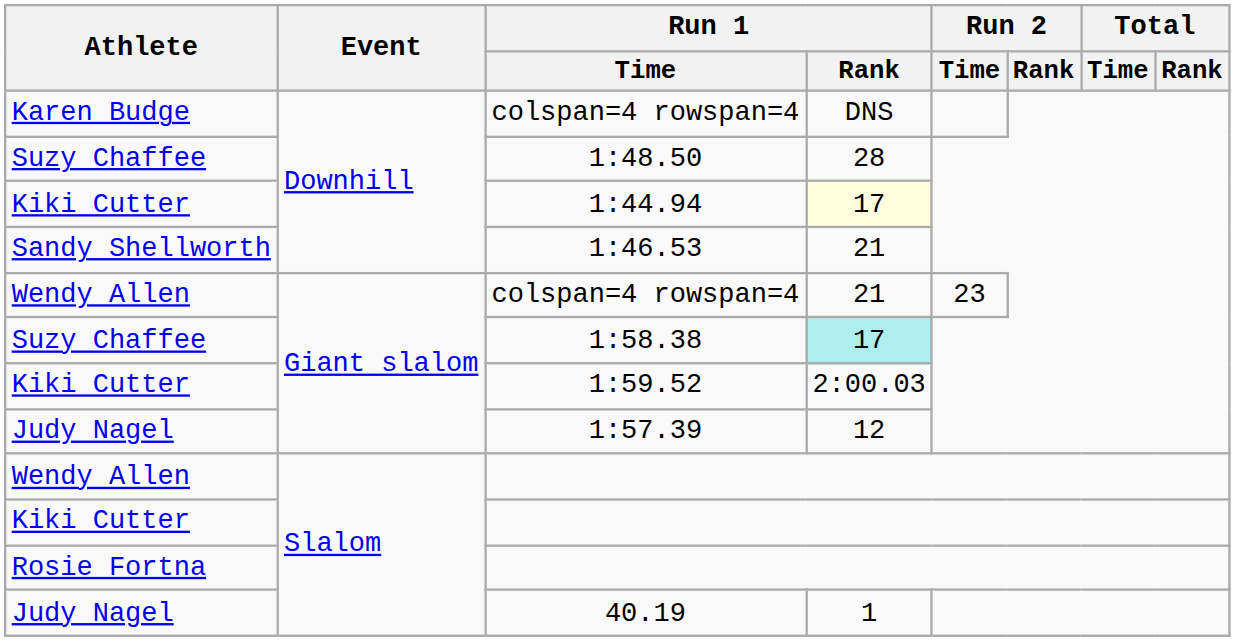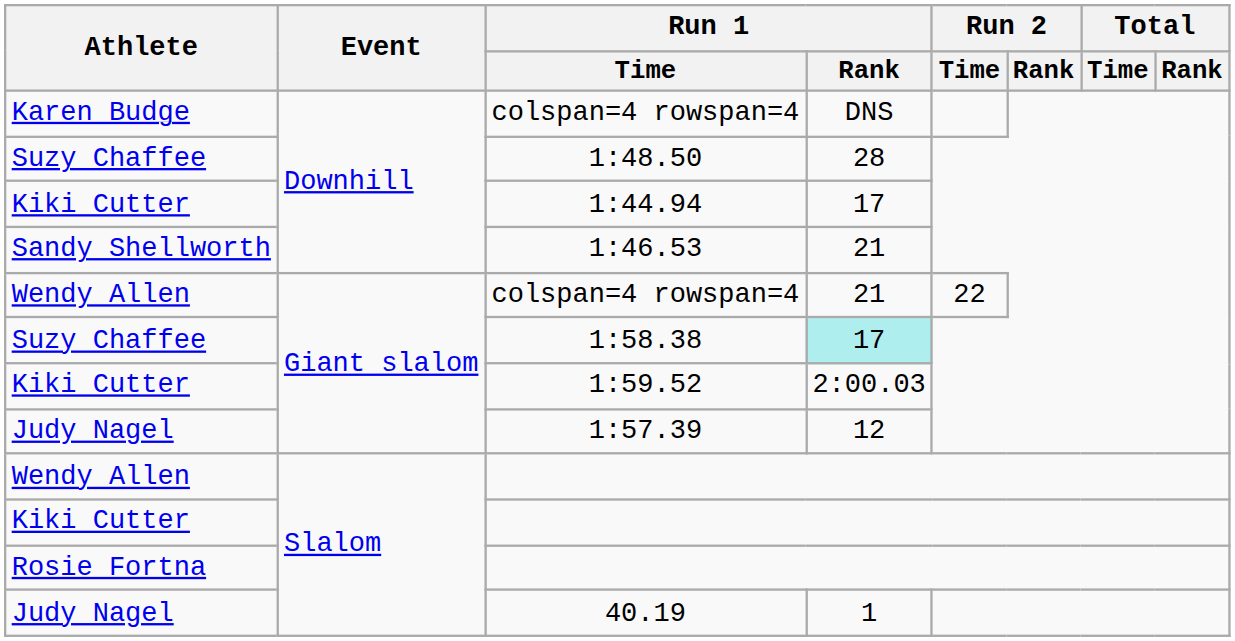 <table class=wikitable style="font-size:90%; text-align:center">
 <tr>
 <th rowspan=2>Athlete</th>
 <th rowspan=2>Event</th>
 <th colspan=2>Run 1</th>
 <th colspan=2>Run 2</th>
 <th colspan=2>Total</th>
 </tr>
 <tr style=font-size:95%>
 <th>Time</th>
 <th>Rank</th>
 <th>Time</th>
 <th>Rank</th>
 <th>Time</th>
 <th>Rank</th>
 </tr>
 <tr>
 <td align=left><a href='#'>Karen Budge</a></td>
 <td align=left rowspan=4><a href='#'>Downhill</a></td>
 <td>colspan=4 rowspan=4 </td>
 <td>DNS</td>
 <td></td>
 </tr>
 <tr>
 <td align=left><a href='#'>Suzy Chaffee</a></td>
 <td>1:48.50</td>
 <td>28</td>
 </tr>
 <tr>
 <td align=left><a href='#'>Kiki Cutter</a></td>
 <td>1:44.94</td>
-<td style="background: lightyellow;">17</td>
+<td>17</td>
 </tr>
 <tr>
 <td align=left><a href='#'>Sandy Shellworth</a></td>
 <td>1:46.53</td>
 <td>21</td>
 </tr>
 <tr>
 <td align=left><a href='#'>Wendy Allen</a></td>
 <td align=left rowspan=4><a href='#'>Giant slalom</a></td>
 <td>colspan=4 rowspan=4 </td>
 <td>21</td>
-<td>23</td>
+<td>22</td>
 </tr>
 <tr>
 <td align=left><a href='#'>Suzy Chaffee</a></td>
 <td>1:58.38</td>
 <td style="background: paleturquoise;">17</td>
 </tr>
 <tr>
 <td align=left><a href='#'>Kiki Cutter</a></td>
 <td>1:59.52</td>
 <td>2:00.03</td>
 </tr>
 <tr>
 <td align=left><a href='#'>Judy Nagel</a></td>
 <td>1:57.39</td>
 <td>12</td>
 </tr>
 <tr>
 <td align=left><a href='#'>Wendy Allen</a></td>
 <td align=left rowspan=4><a href='#'>Slalom</a></td>
 <td colspan=6></td>
 </tr>
 <tr>
 <td align=left><a href='#'>Kiki Cutter</a></td>
 <td colspan=6></td>
 </tr>
 <tr>
 <td align=left><a href='#'>Rosie Fortna</a></td>
 <td colspan=6></td>
 </tr>
 <tr>
 <td align=left><a href='#'>Judy Nagel</a></td>
 <td>40.19</td>
 <td>1</td>
 <td colspan=4></td>
 </tr>
 </table>
